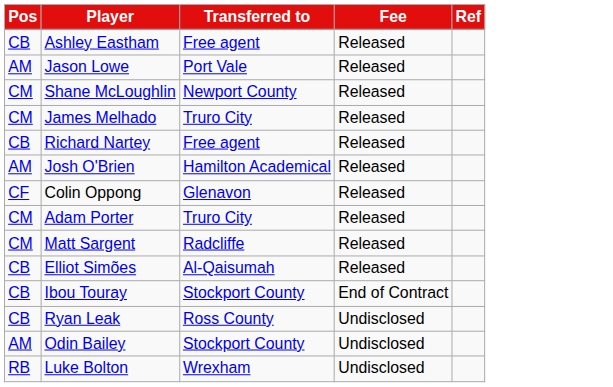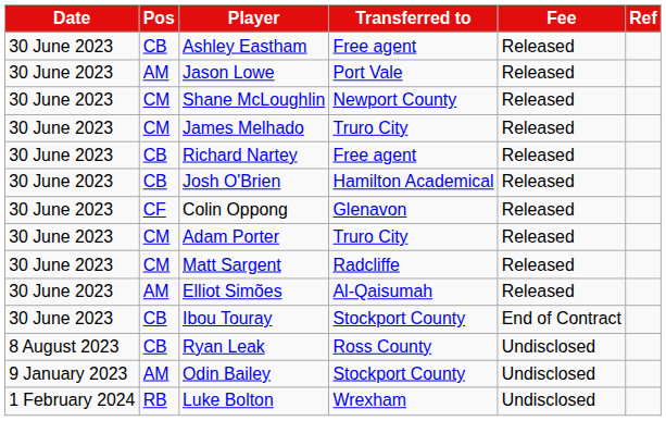 <table class="wikitable plainrowheaders sortable">
 <tr>
+<th style="background:#e20e0e;color:white;">Date</th>
 <th style="background:#e20e0e;color:white;">Pos</th>
 <th style="background:#e20e0e;color:white;">Player</th>
 <th style="background:#e20e0e;color:white;">Transferred to</th>
 <th style="background:#e20e0e;color:white;">Fee</th>
 <th style="background:#e20e0e;color:white;">Ref</th>
 </tr>
 <tr>
+<td>30 June 2023</td>
 <td><a href='#'>CB</a></td>
 <td> <a href='#'>Ashley Eastham</a></td>
 <td> <a href='#'>Free agent</a></td>
 <td>Released</td>
 <td></td>
 </tr>
 <tr>
+<td>30 June 2023</td>
 <td><a href='#'>AM</a></td>
 <td> <a href='#'>Jason Lowe</a></td>
 <td> <a href='#'>Port Vale</a></td>
 <td>Released</td>
 <td></td>
 </tr>
 <tr>
+<td>30 June 2023</td>
 <td><a href='#'>CM</a></td>
 <td> <a href='#'>Shane McLoughlin</a></td>
 <td> <a href='#'>Newport County</a></td>
 <td>Released</td>
 <td></td>
 </tr>
 <tr>
+<td>30 June 2023</td>
 <td><a href='#'>CM</a></td>
 <td> <a href='#'>James Melhado</a></td>
 <td> <a href='#'>Truro City</a></td>
 <td>Released</td>
 <td></td>
 </tr>
 <tr>
+<td>30 June 2023</td>
 <td><a href='#'>CB</a></td>
 <td> <a href='#'>Richard Nartey</a></td>
 <td> <a href='#'>Free agent</a></td>
 <td>Released</td>
 <td></td>
 </tr>
 <tr>
-<td><a href='#'>AM</a></td>
+<td>30 June 2023</td>
+<td><a href='#'>CB</a></td>
 <td> <a href='#'>Josh O'Brien</a></td>
 <td> <a href='#'>Hamilton Academical</a></td>
 <td>Released</td>
 <td></td>
 </tr>
 <tr>
+<td>30 June 2023</td>
 <td><a href='#'>CF</a></td>
 <td> Colin Oppong</td>
 <td> <a href='#'>Glenavon</a></td>
 <td>Released</td>
 <td></td>
 </tr>
 <tr>
+<td>30 June 2023</td>
 <td><a href='#'>CM</a></td>
 <td> <a href='#'>Adam Porter</a></td>
 <td> <a href='#'>Truro City</a></td>
 <td>Released</td>
 <td></td>
 </tr>
 <tr>
+<td>30 June 2023</td>
 <td><a href='#'>CM</a></td>
 <td> <a href='#'>Matt Sargent</a></td>
 <td> <a href='#'>Radcliffe</a></td>
 <td>Released</td>
 <td></td>
 </tr>
 <tr>
-<td><a href='#'>CB</a></td>
+<td>30 June 2023</td>
+<td><a href='#'>AM</a></td>
 <td> <a href='#'>Elliot Simões</a></td>
 <td> <a href='#'>Al-Qaisumah</a></td>
 <td>Released</td>
 <td></td>
 </tr>
 <tr>
+<td>30 June 2023</td>
 <td><a href='#'>CB</a></td>
 <td> <a href='#'>Ibou Touray</a></td>
 <td> <a href='#'>Stockport County</a></td>
 <td>End of Contract</td>
 <td></td>
 </tr>
 <tr>
+<td>8 August 2023</td>
 <td><a href='#'>CB</a></td>
 <td> <a href='#'>Ryan Leak</a></td>
 <td> <a href='#'>Ross County</a></td>
 <td>Undisclosed</td>
 <td></td>
 </tr>
 <tr>
+<td>9 January 2023</td>
 <td><a href='#'>AM</a></td>
 <td> <a href='#'>Odin Bailey</a></td>
 <td> <a href='#'>Stockport County</a></td>
 <td>Undisclosed</td>
 <td></td>
 </tr>
 <tr>
+<td>1 February 2024</td>
 <td><a href='#'>RB</a></td>
 <td> <a href='#'>Luke Bolton</a></td>
 <td> <a href='#'>Wrexham</a></td>
 <td>Undisclosed</td>
 <td></td>
 </tr>
 </table>
